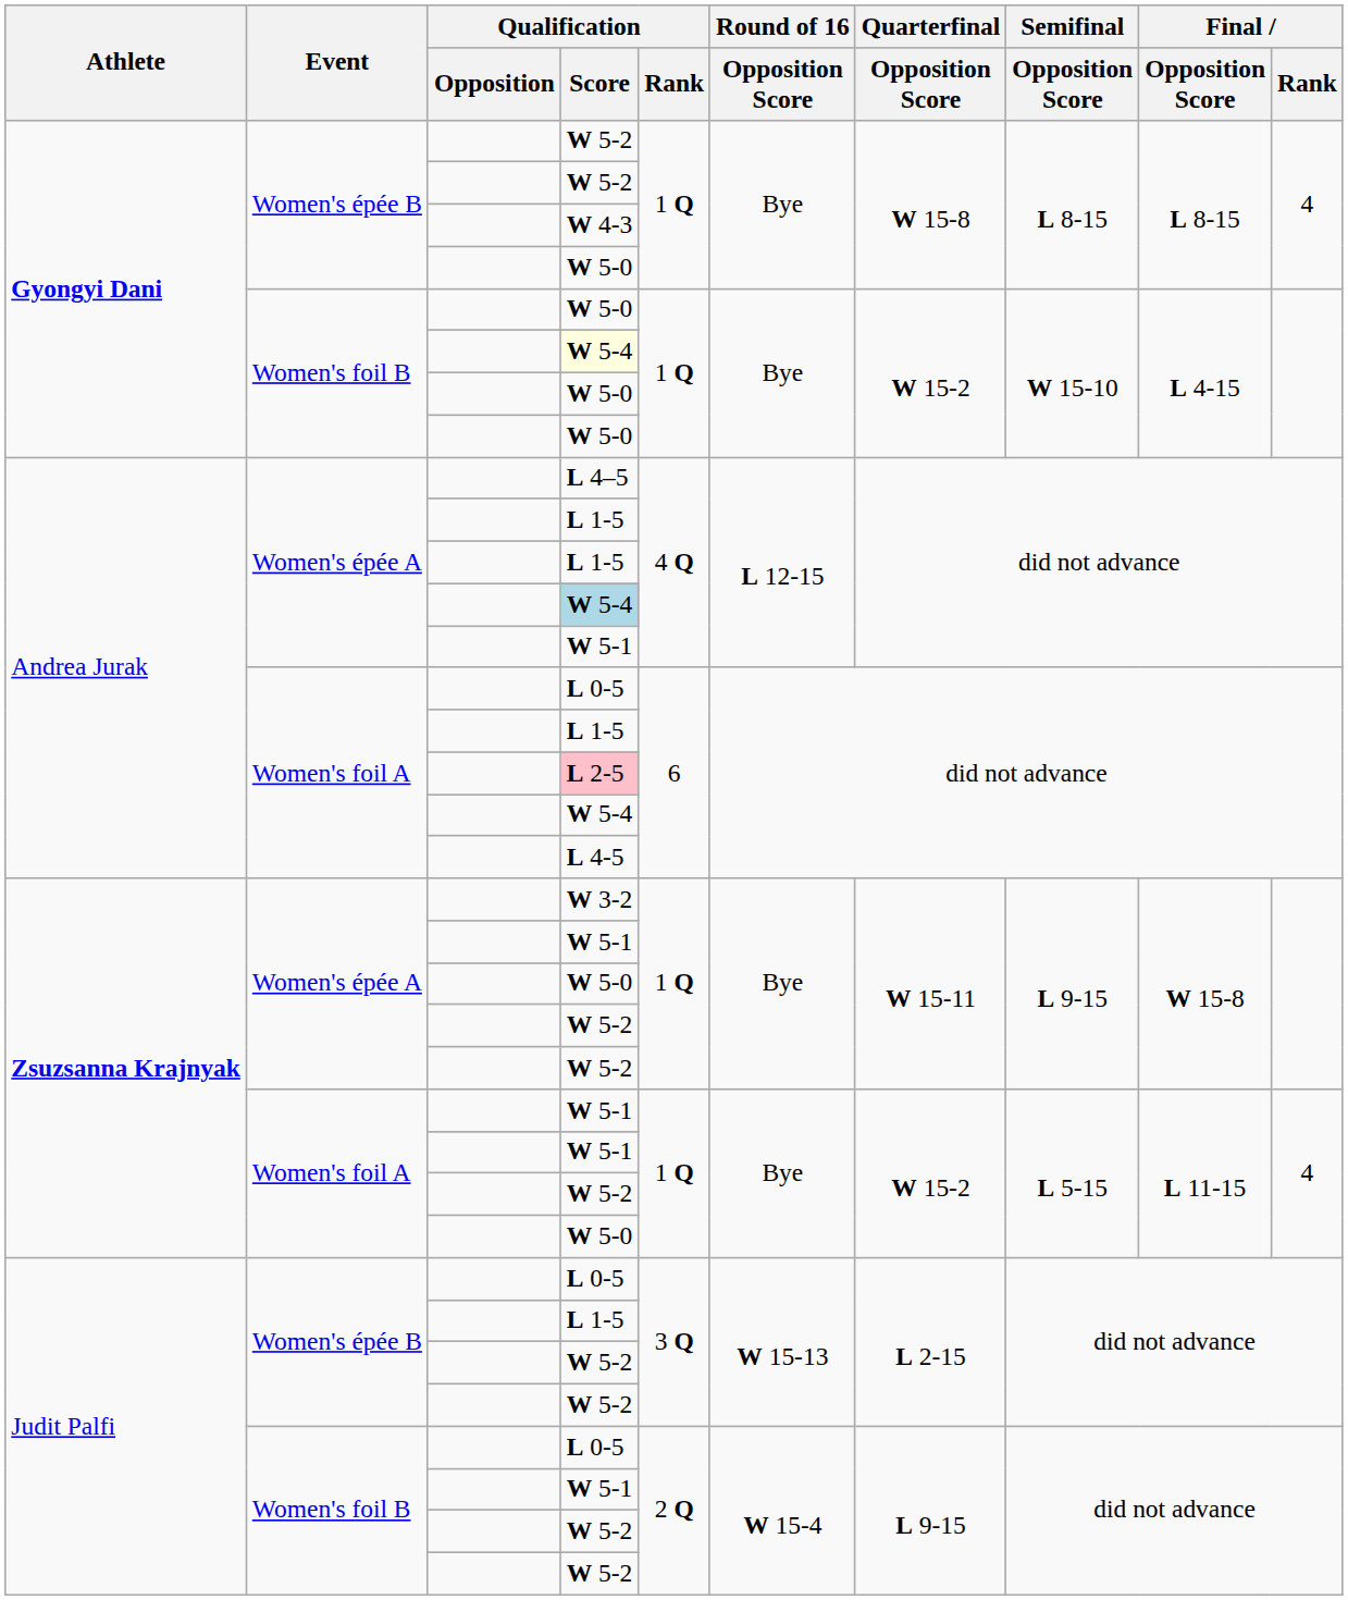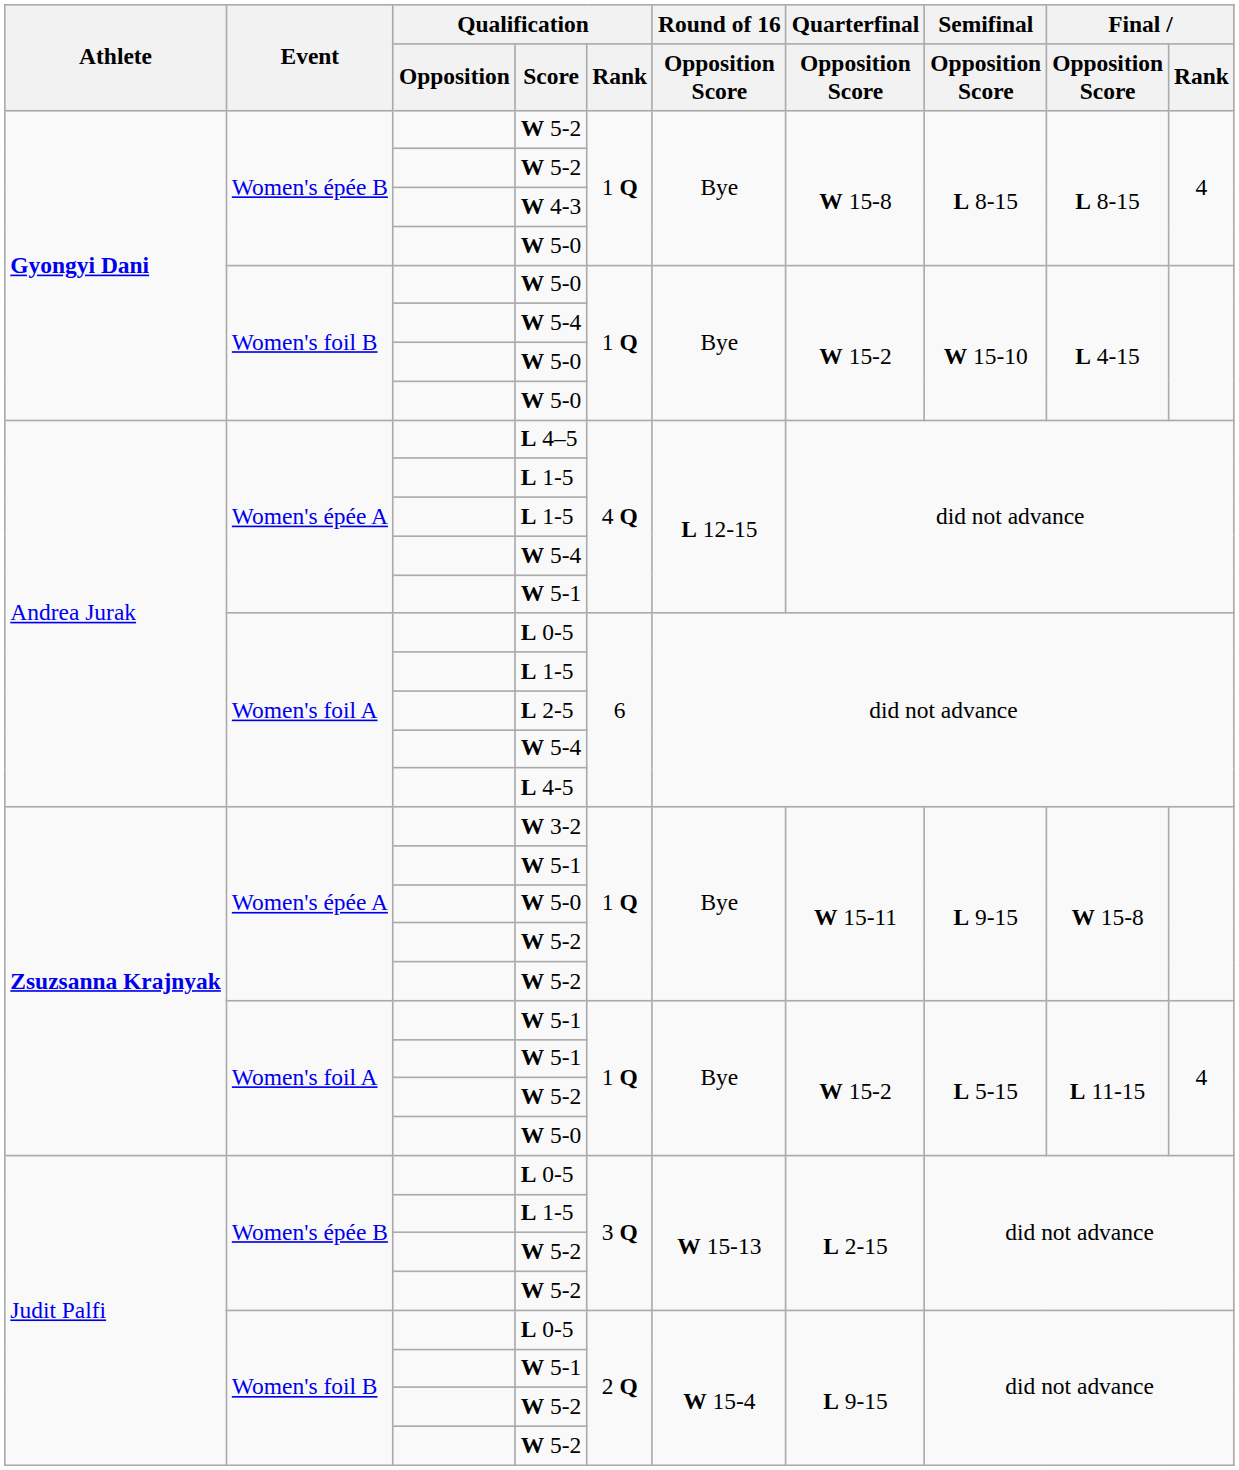 <table class=wikitable style="font-size:90%">
 <tr>
 <th rowspan="2">Athlete</th>
 <th rowspan="2">Event</th>
 <th colspan="3">Qualification</th>
 <th>Round of 16</th>
 <th>Quarterfinal</th>
 <th>Semifinal</th>
 <th colspan="2">Final / </th>
 </tr>
 <tr>
 <th>Opposition</th>
 <th>Score</th>
 <th>Rank</th>
 <th>Opposition<br>Score</th>
 <th>Opposition<br>Score</th>
 <th>Opposition<br>Score</th>
 <th>Opposition<br>Score</th>
 <th>Rank</th>
 </tr>
 <tr>
 <td rowspan=8><strong><a href='#'>Gyongyi Dani</a></strong></td>
 <td rowspan=4><a href='#'>Women's épée B</a></td>
 <td></td>
 <td><strong>W</strong> 5-2</td>
 <td align="center" rowspan=4>1 <strong>Q</strong></td>
 <td align="center" rowspan=4>Bye</td>
 <td align="center" rowspan=4><br><strong>W</strong> 15-8</td>
 <td align="center" rowspan=4><br><strong>L</strong> 8-15</td>
 <td align="center" rowspan=4><br><strong>L</strong> 8-15</td>
 <td align="center" rowspan=4>4</td>
 </tr>
 <tr>
 <td></td>
 <td><strong>W</strong> 5-2</td>
 </tr>
 <tr>
 <td></td>
 <td><strong>W</strong> 4-3</td>
 </tr>
 <tr>
 <td></td>
 <td><strong>W</strong> 5-0</td>
 </tr>
 <tr>
 <td rowspan=4><a href='#'>Women's foil B</a></td>
 <td></td>
 <td><strong>W</strong> 5-0</td>
 <td align="center" rowspan=4>1 <strong>Q</strong></td>
 <td align="center" rowspan=4>Bye</td>
 <td align="center" rowspan=4><br><strong>W</strong> 15-2</td>
 <td align="center" rowspan=4><br><strong>W</strong> 15-10</td>
 <td align="center" rowspan=4><br><strong>L</strong> 4-15</td>
 <td align="center" rowspan=4></td>
 </tr>
 <tr>
 <td></td>
-<td style="background: lightyellow;"><strong>W</strong> 5-4</td>
+<td><strong>W</strong> 5-4</td>
 </tr>
 <tr>
 <td></td>
 <td><strong>W</strong> 5-0</td>
 </tr>
 <tr>
 <td></td>
 <td><strong>W</strong> 5-0</td>
 </tr>
 <tr>
 <td rowspan=10><a href='#'>Andrea Jurak</a></td>
 <td rowspan=5><a href='#'>Women's épée A</a></td>
 <td></td>
 <td><strong>L</strong> 4–5</td>
 <td align="center" rowspan=5>4 <strong>Q</strong></td>
 <td align="center" rowspan=5><br><strong>L</strong> 12-15</td>
 <td align="center" rowspan=5 colspan=4>did not advance</td>
 </tr>
 <tr>
 <td></td>
 <td><strong>L</strong> 1-5</td>
 </tr>
 <tr>
 <td></td>
 <td><strong>L</strong> 1-5</td>
 </tr>
 <tr>
 <td></td>
-<td style="background: lightblue;"><strong>W</strong> 5-4</td>
+<td><strong>W</strong> 5-4</td>
 </tr>
 <tr>
 <td></td>
 <td><strong>W</strong> 5-1</td>
 </tr>
 <tr>
 <td rowspan=5><a href='#'>Women's foil A</a></td>
 <td></td>
 <td><strong>L</strong> 0-5</td>
 <td align="center" rowspan=5>6</td>
 <td align="center" rowspan=5 colspan=5>did not advance</td>
 </tr>
 <tr>
 <td></td>
 <td><strong>L</strong> 1-5</td>
 </tr>
 <tr>
 <td></td>
-<td style="background: pink;"><strong>L</strong> 2-5</td>
+<td><strong>L</strong> 2-5</td>
 </tr>
 <tr>
 <td></td>
 <td><strong>W</strong> 5-4</td>
 </tr>
 <tr>
 <td></td>
 <td><strong>L</strong> 4-5</td>
 </tr>
 <tr>
 <td rowspan=9><strong><a href='#'>Zsuzsanna Krajnyak</a></strong></td>
 <td rowspan=5><a href='#'>Women's épée A</a></td>
 <td></td>
 <td><strong>W</strong> 3-2</td>
 <td align="center" rowspan=5>1 <strong>Q</strong></td>
 <td align="center" rowspan=5>Bye</td>
 <td align="center" rowspan=5><br><strong>W</strong> 15-11</td>
 <td align="center" rowspan=5><br><strong>L</strong> 9-15</td>
 <td align="center" rowspan=5><br><strong>W</strong> 15-8</td>
 <td align="center" rowspan=5></td>
 </tr>
 <tr>
 <td></td>
 <td><strong>W</strong> 5-1</td>
 </tr>
 <tr>
 <td></td>
 <td><strong>W</strong> 5-0</td>
 </tr>
 <tr>
 <td></td>
 <td><strong>W</strong> 5-2</td>
 </tr>
 <tr>
 <td></td>
 <td><strong>W</strong> 5-2</td>
 </tr>
 <tr>
 <td rowspan=4><a href='#'>Women's foil A</a></td>
 <td></td>
 <td><strong>W</strong> 5-1</td>
 <td align="center" rowspan=4>1 <strong>Q</strong></td>
 <td align="center" rowspan=4>Bye</td>
 <td align="center" rowspan=4><br><strong>W</strong> 15-2</td>
 <td align="center" rowspan=4><br><strong>L</strong> 5-15</td>
 <td align="center" rowspan=4><br><strong>L</strong> 11-15</td>
 <td align="center" rowspan=4>4</td>
 </tr>
 <tr>
 <td></td>
 <td><strong>W</strong> 5-1</td>
 </tr>
 <tr>
 <td></td>
 <td><strong>W</strong> 5-2</td>
 </tr>
 <tr>
 <td></td>
 <td><strong>W</strong> 5-0</td>
 </tr>
 <tr>
 <td rowspan=8><a href='#'>Judit Palfi</a></td>
 <td rowspan=4><a href='#'>Women's épée B</a></td>
 <td></td>
 <td><strong>L</strong> 0-5</td>
 <td align="center" rowspan=4>3 <strong>Q</strong></td>
 <td align="center" rowspan=4><br><strong>W</strong> 15-13</td>
 <td align="center" rowspan=4><br><strong>L</strong> 2-15</td>
 <td align="center" rowspan=4 colspan=3>did not advance</td>
 </tr>
 <tr>
 <td></td>
 <td><strong>L</strong> 1-5</td>
 </tr>
 <tr>
 <td></td>
 <td><strong>W</strong> 5-2</td>
 </tr>
 <tr>
 <td></td>
 <td><strong>W</strong> 5-2</td>
 </tr>
 <tr>
 <td rowspan=4><a href='#'>Women's foil B</a></td>
 <td></td>
 <td><strong>L</strong> 0-5</td>
 <td align="center" rowspan=4>2 <strong>Q</strong></td>
 <td align="center" rowspan=4><br><strong>W</strong> 15-4</td>
 <td align="center" rowspan=4><br><strong>L</strong> 9-15</td>
 <td align="center" rowspan=4 colspan=3>did not advance</td>
 </tr>
 <tr>
 <td></td>
 <td><strong>W</strong> 5-1</td>
 </tr>
 <tr>
 <td></td>
 <td><strong>W</strong> 5-2</td>
 </tr>
 <tr>
 <td></td>
 <td><strong>W</strong> 5-2</td>
 </tr>
 </table>
